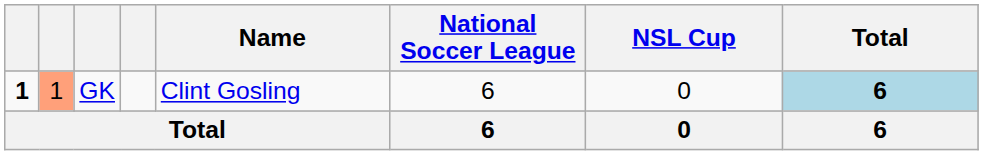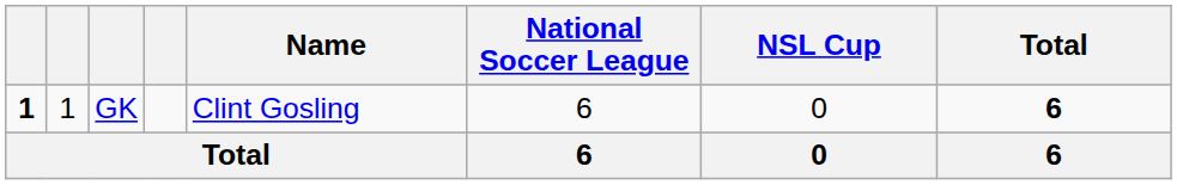 <table class="wikitable" style="text-align:center">
 <tr>
 <th width=15></th>
 <th width=15></th>
 <th width=15></th>
 <th width=15></th>
 <th width=145>Name</th>
 <th width=120><a href='#'>National Soccer League</a></th>
 <th width=120><a href='#'>NSL Cup</a></th>
 <th width=120>Total</th>
 </tr>
 <tr>
 <td><strong>1</strong></td>
-<td style="background: lightsalmon;">1</td>
+<td>1</td>
 <td><a href='#'>GK</a></td>
 <td></td>
 <td align=left><a href='#'>Clint Gosling</a></td>
 <td>6</td>
 <td>0</td>
-<td style="background: lightblue;"><strong>6</strong></td>
+<td><strong>6</strong></td>
 </tr>
 <tr>
 <th colspan="5"><strong>Total</strong></th>
 <th>6</th>
 <th>0</th>
 <th>6</th>
 </tr>
 </table>
